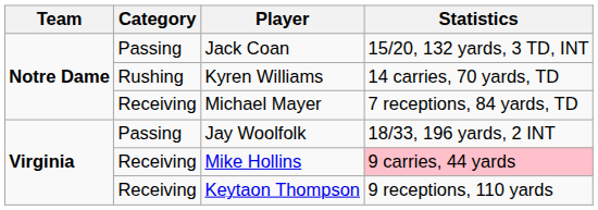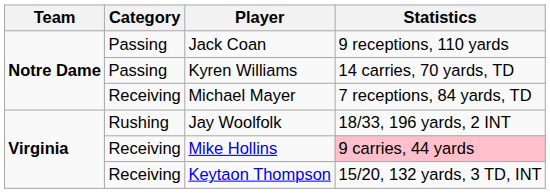 <table class="wikitable" style="float: left;">
 <tr>
 <th>Team</th>
 <th>Category</th>
 <th>Player</th>
 <th>Statistics</th>
 </tr>
 <tr>
 <td rowspan=3><strong>Notre Dame</strong></td>
 <td>Passing</td>
 <td>Jack Coan</td>
-<td>15/20, 132 yards, 3 TD, INT</td>
+<td>9 receptions, 110 yards</td>
 </tr>
 <tr>
-<td>Rushing</td>
+<td>Passing</td>
 <td>Kyren Williams</td>
 <td>14 carries, 70 yards, TD</td>
 </tr>
 <tr>
 <td>Receiving</td>
 <td>Michael Mayer</td>
 <td>7 receptions, 84 yards, TD</td>
 </tr>
 <tr>
 <td rowspan=3><strong>Virginia</strong></td>
-<td>Passing</td>
+<td>Rushing</td>
 <td>Jay Woolfolk</td>
 <td>18/33, 196 yards, 2 INT</td>
 </tr>
 <tr>
 <td>Receiving</td>
 <td><a href='#'>Mike Hollins</a></td>
 <td style="background: pink;">9 carries, 44 yards</td>
 </tr>
 <tr>
 <td>Receiving</td>
 <td><a href='#'>Keytaon Thompson</a></td>
-<td>9 receptions, 110 yards</td>
+<td>15/20, 132 yards, 3 TD, INT</td>
 </tr>
 </table>
